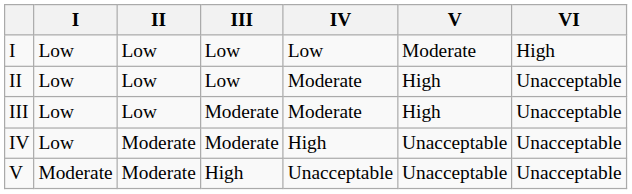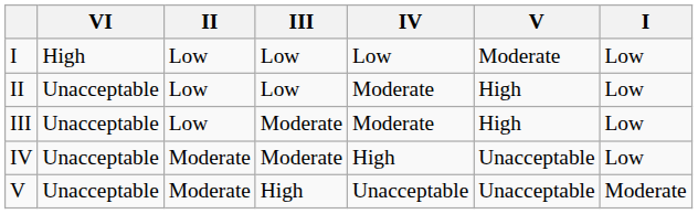 <table class="wikitable">
 <tr>
 <th></th>
-<th>I</th>
+<th>VI</th>
 <th>II</th>
 <th>III</th>
 <th>IV</th>
 <th>V</th>
-<th>VI</th>
+<th>I</th>
 </tr>
 <tr>
 <td>I</td>
-<td>Low</td>
+<td>High</td>
 <td>Low</td>
 <td>Low</td>
 <td>Low</td>
 <td>Moderate</td>
-<td>High</td>
+<td>Low</td>
 </tr>
 <tr>
 <td>II</td>
-<td>Low</td>
+<td>Unacceptable</td>
 <td>Low</td>
 <td>Low</td>
 <td>Moderate</td>
 <td>High</td>
-<td>Unacceptable</td>
+<td>Low</td>
 </tr>
 <tr>
 <td>III</td>
-<td>Low</td>
+<td>Unacceptable</td>
 <td>Low</td>
 <td>Moderate</td>
 <td>Moderate</td>
 <td>High</td>
-<td>Unacceptable</td>
+<td>Low</td>
 </tr>
 <tr>
 <td>IV</td>
-<td>Low</td>
+<td>Unacceptable</td>
 <td>Moderate</td>
 <td>Moderate</td>
 <td>High</td>
 <td>Unacceptable</td>
-<td>Unacceptable</td>
+<td>Low</td>
 </tr>
 <tr>
 <td>V</td>
-<td>Moderate</td>
+<td>Unacceptable</td>
 <td>Moderate</td>
 <td>High</td>
 <td>Unacceptable</td>
 <td>Unacceptable</td>
-<td>Unacceptable</td>
+<td>Moderate</td>
 </tr>
 </table>
